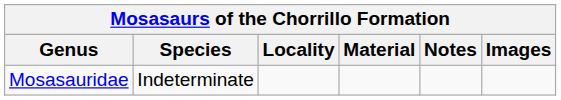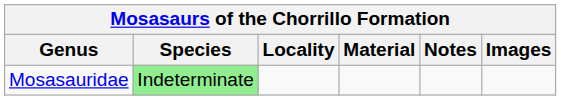 <table class="wikitable" align="center">
 <tr>
 <th colspan="7" align="center"><a href='#'>Mosasaurs</a> of the Chorrillo Formation</th>
 </tr>
 <tr>
 <th>Genus</th>
 <th>Species</th>
 <th>Locality</th>
 <th>Material</th>
 <th>Notes</th>
 <th>Images</th>
 </tr>
 <tr>
 <td><a href='#'>Mosasauridae</a></td>
-<td>Indeterminate</td>
+<td style="background: lightgreen;">Indeterminate</td>
 <td></td>
 <td></td>
 <td></td>
 <td></td>
 </tr>
 </table>
